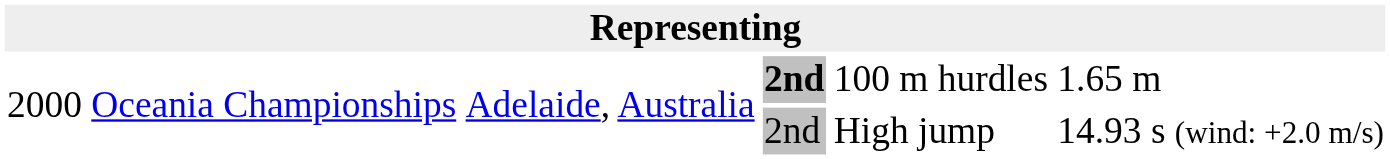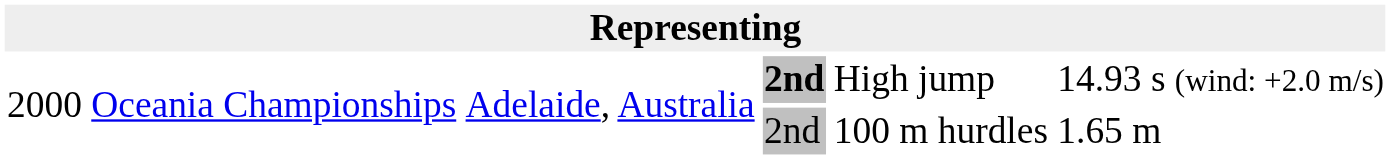 <table>
 <tr>
 <th bgcolor="#eeeeee" colspan="6">Representing </th>
 </tr>
 <tr>
 <td rowspan=2>2000</td>
 <td rowspan=2><a href='#'>Oceania Championships</a></td>
 <td rowspan=2><a href='#'>Adelaide</a>, <a href='#'>Australia</a></td>
 <td bgcolor=silver><strong>2nd</strong></td>
+<td>High jump</td>
+<td>14.93 s <small>(wind: +2.0 m/s)</small></td>
+</tr>
+<tr>
+<td bgcolor=silver>2nd</td>
 <td>100 m hurdles</td>
 <td>1.65 m</td>
 </tr>
-<tr>
-<td bgcolor=silver>2nd</td>
-<td>High jump</td>
-<td>14.93 s <small>(wind: +2.0 m/s)</small></td>
-</tr>
 </table>
